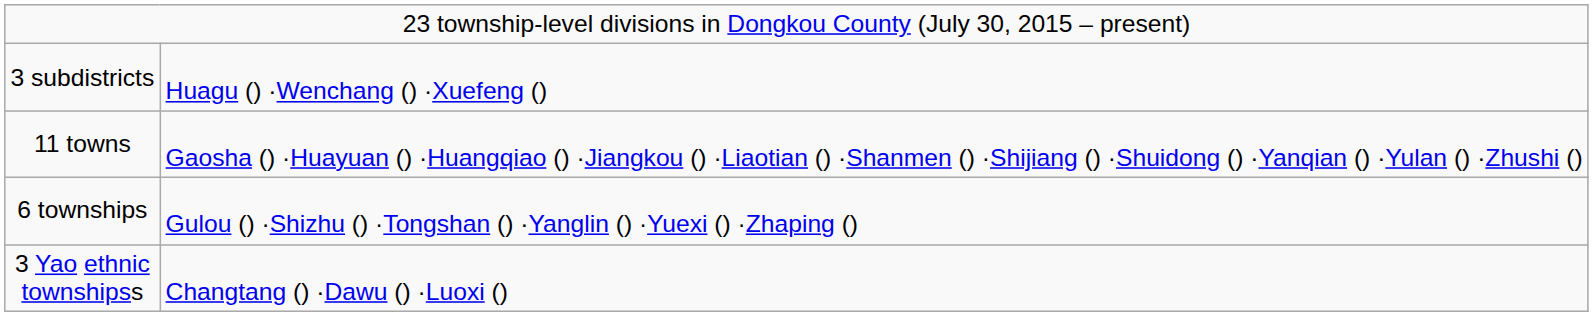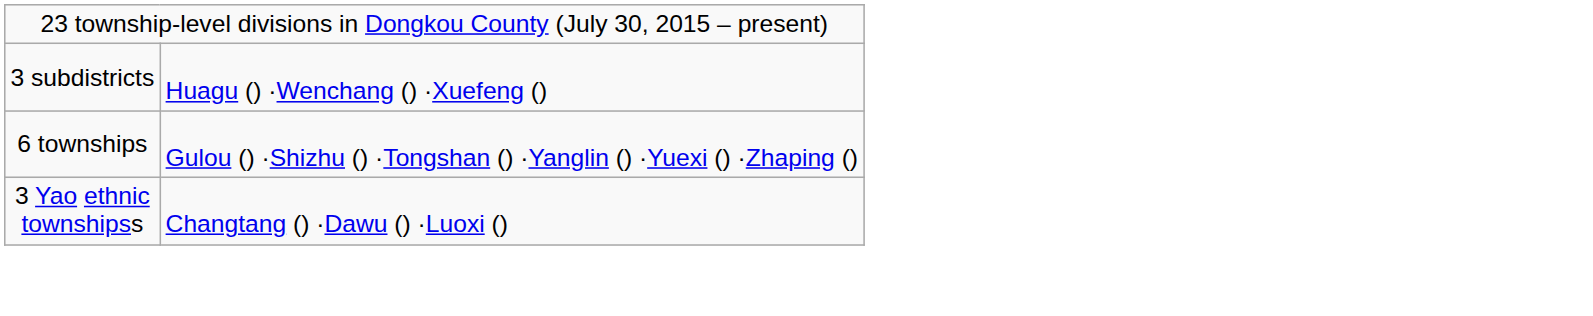 <table class="wikitable">
 <tr>
 <td style="text-align:center;" colspan="2">23 township-level divisions in <a href='#'>Dongkou County</a> (July 30, 2015 – present)</td>
 </tr>
 <tr align=left>
 <td align=center>3 subdistricts</td>
 <td><br><a href='#'>Huagu</a> () ·<a href='#'>Wenchang</a> () ·<a href='#'>Xuefeng</a> ()</td>
-</tr>
-<tr align=left>
-<td align=center>11 towns</td>
-<td><br><a href='#'>Gaosha</a> () ·<a href='#'>Huayuan</a> () ·<a href='#'>Huangqiao</a> () ·<a href='#'>Jiangkou</a> () ·<a href='#'>Liaotian</a> () ·<a href='#'>Shanmen</a> () ·<a href='#'>Shijiang</a> () ·<a href='#'>Shuidong</a> () ·<a href='#'>Yanqian</a> () ·<a href='#'>Yulan</a> () ·<a href='#'>Zhushi</a> ()</td>
 </tr>
 <tr align=left>
 <td align=center>6 townships</td>
 <td><br><a href='#'>Gulou</a> () ·<a href='#'>Shizhu</a> () ·<a href='#'>Tongshan</a> () ·<a href='#'>Yanglin</a> () ·<a href='#'>Yuexi</a> () ·<a href='#'>Zhaping</a> ()</td>
 </tr>
 <tr align=left>
 <td align=center>3 <a href='#'>Yao</a> <a href='#'>ethnic <br>townships</a>s</td>
 <td><br><a href='#'>Changtang</a> () ·<a href='#'>Dawu</a> () ·<a href='#'>Luoxi</a> ()</td>
 </tr>
 </table>
